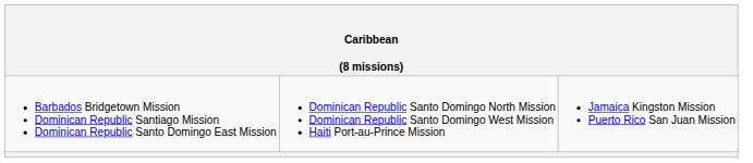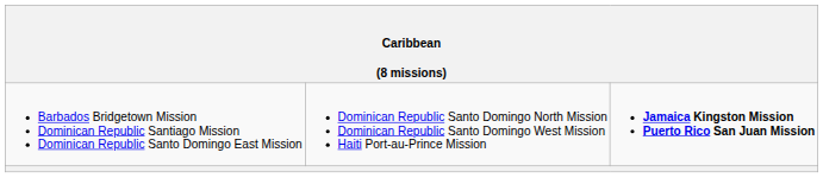 <table class="wikitable mw-collapsible">
 <tr>
 <th colspan=3><br><h4>Caribbean</h4>(8 missions)</th>
 </tr>
 <tr>
 <td valign="top"><br><ul><li><a href='#'>Barbados</a> Bridgetown Mission</li><li><a href='#'>Dominican Republic</a> Santiago Mission</li><li><a href='#'>Dominican Republic</a> Santo Domingo East Mission</li></ul></td>
 <td valign="top"><br><ul><li><a href='#'>Dominican Republic</a> Santo Domingo North Mission</li><li><a href='#'>Dominican Republic</a> Santo Domingo West Mission</li><li><a href='#'>Haiti</a> Port-au-Prince Mission</li></ul></td>
-<td valign="top"><br><ul><li><a href='#'>Jamaica</a> Kingston Mission</li><li><a href='#'>Puerto Rico</a> San Juan Mission</li></ul></td>
+<td valign="top"><strong><br><ul><li><a href='#'>Jamaica</a> Kingston Mission</li><li><a href='#'>Puerto Rico</a> San Juan Mission</li></ul></strong></td>
 </tr>
 <tr>
 <th colspan=3></th>
 </tr>
 </table>
